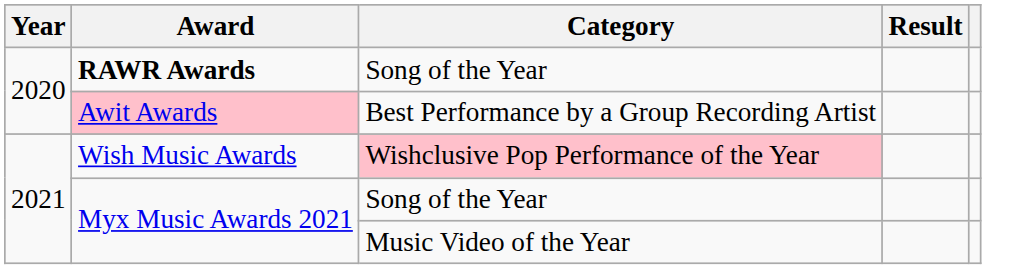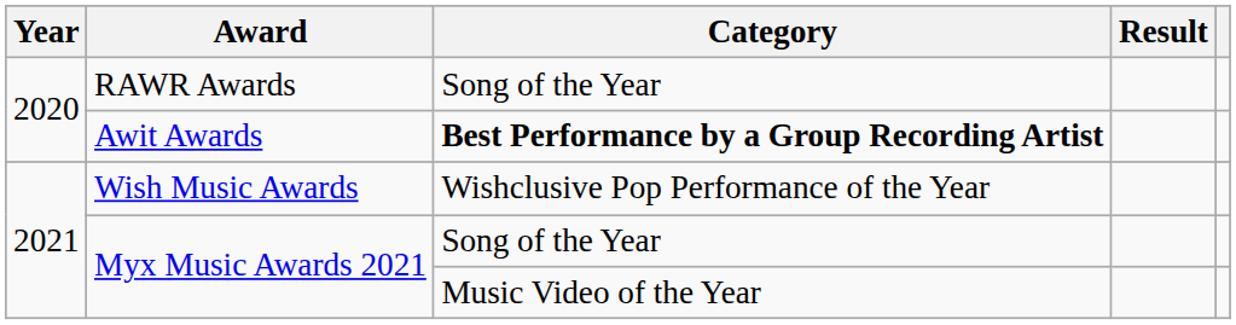 <table class="wikitable">
 <tr>
 <th>Year</th>
 <th>Award</th>
 <th>Category</th>
 <th>Result</th>
 <th></th>
 </tr>
 <tr>
 <td rowspan="2">2020</td>
-<td><strong>RAWR Awards</strong></td>
+<td>RAWR Awards</td>
 <td>Song of the Year</td>
 <td></td>
 <td align="center"></td>
 </tr>
 <tr>
-<td style="background: pink;"><a href='#'>Awit Awards</a></td>
-<td>Best Performance by a Group Recording Artist</td>
+<td><a href='#'>Awit Awards</a></td>
+<td><strong>Best Performance by a Group Recording Artist</strong></td>
 <td></td>
 <td align="center"></td>
 </tr>
 <tr>
 <td rowspan="3">2021</td>
 <td><a href='#'>Wish Music Awards</a></td>
-<td style="background: pink;">Wishclusive Pop Performance of the Year</td>
+<td>Wishclusive Pop Performance of the Year</td>
 <td></td>
 <td align="center"></td>
 </tr>
 <tr>
 <td rowspan="2"><a href='#'>Myx Music Awards 2021</a></td>
 <td>Song of the Year</td>
 <td></td>
 <td align="center"></td>
 </tr>
 <tr>
 <td>Music Video of the Year</td>
 <td></td>
 <td align="center"></td>
 </tr>
 </table>
